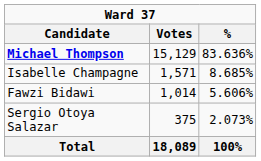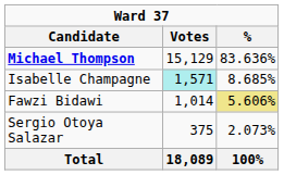 <table class="wikitable">
 <tr>
 <td Colspan="3" align="center"><strong>Ward 37</strong></td>
 </tr>
 <tr>
 <th bgcolor="#DDDDFF" width="150px">Candidate</th>
 <th bgcolor="#DDDDFF">Votes</th>
 <th bgcolor="#DDDDFF">%</th>
 </tr>
 <tr>
 <td><strong><a href='#'>Michael Thompson</a></strong></td>
 <td align=right>15,129</td>
 <td align=right>83.636%</td>
 </tr>
 <tr>
 <td>Isabelle Champagne</td>
-<td align=right>1,571</td>
+<td align=right style="background: paleturquoise;">1,571</td>
 <td align=right>8.685%</td>
 </tr>
 <tr>
 <td>Fawzi Bidawi</td>
 <td align=right>1,014</td>
-<td align=right>5.606%</td>
+<td align=right style="background: khaki;">5.606%</td>
 </tr>
 <tr>
 <td>Sergio Otoya Salazar</td>
 <td align=right>375</td>
 <td align=right>2.073%</td>
 </tr>
 <tr>
 <th>Total</th>
 <th align=right>18,089</th>
 <th align=right>100%</th>
 </tr>
 </table>
